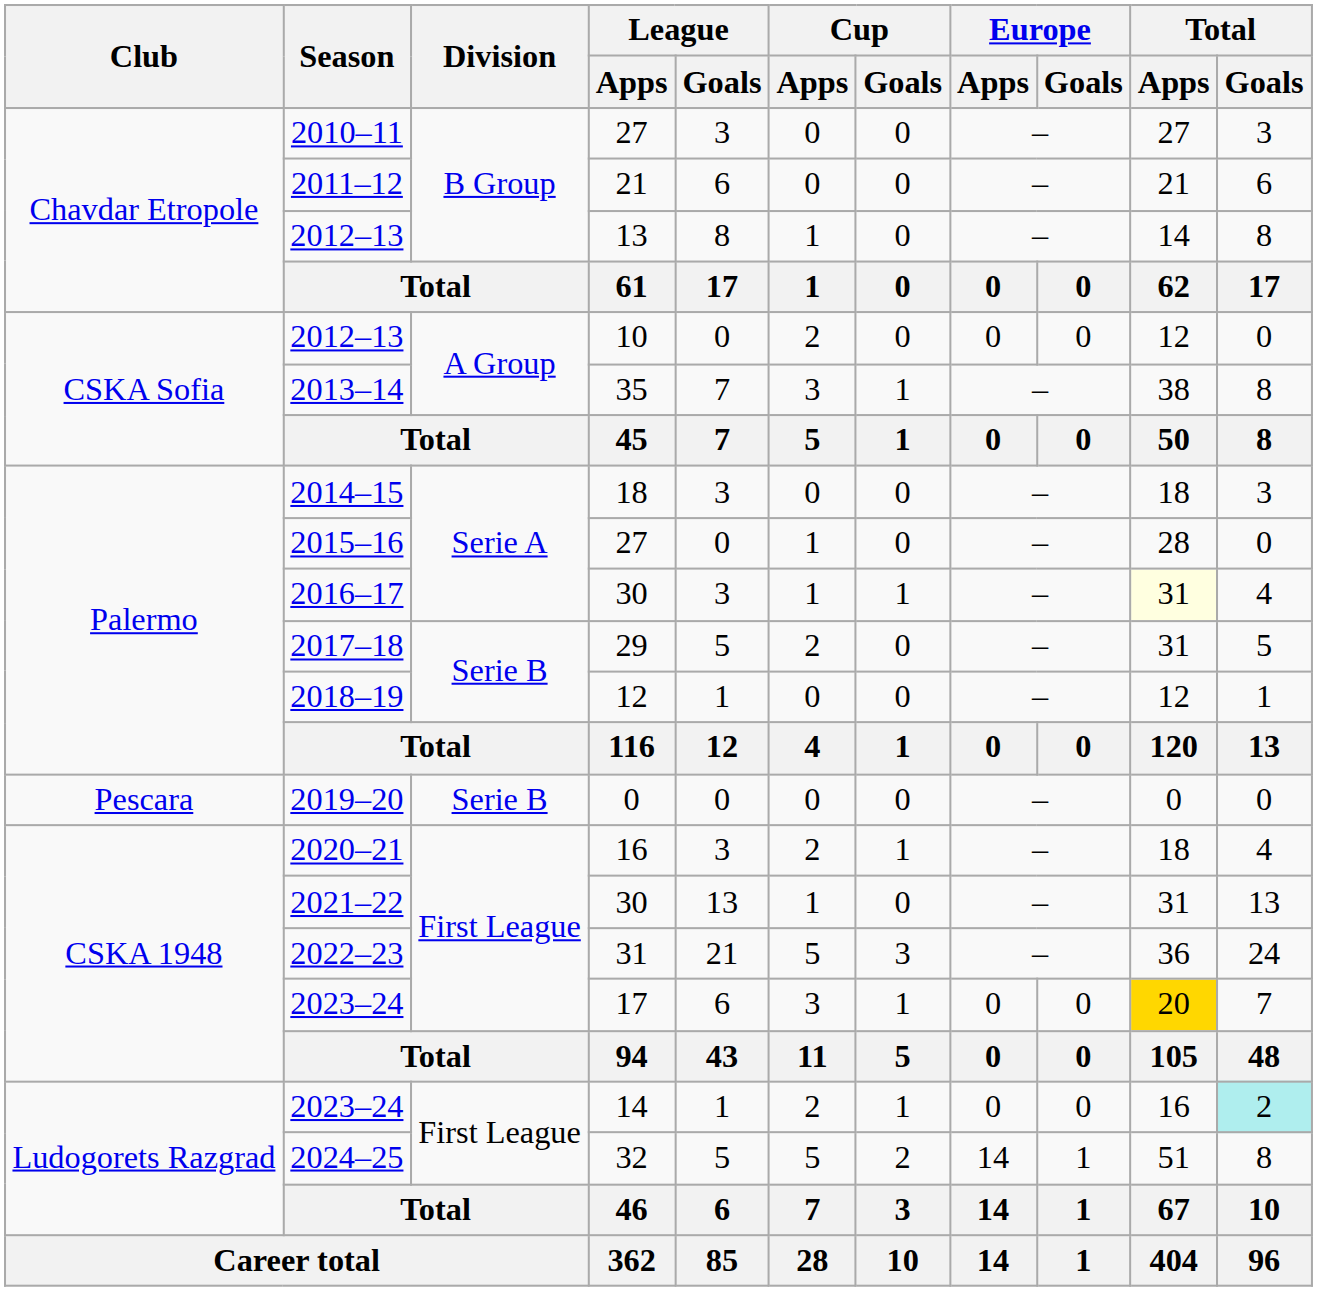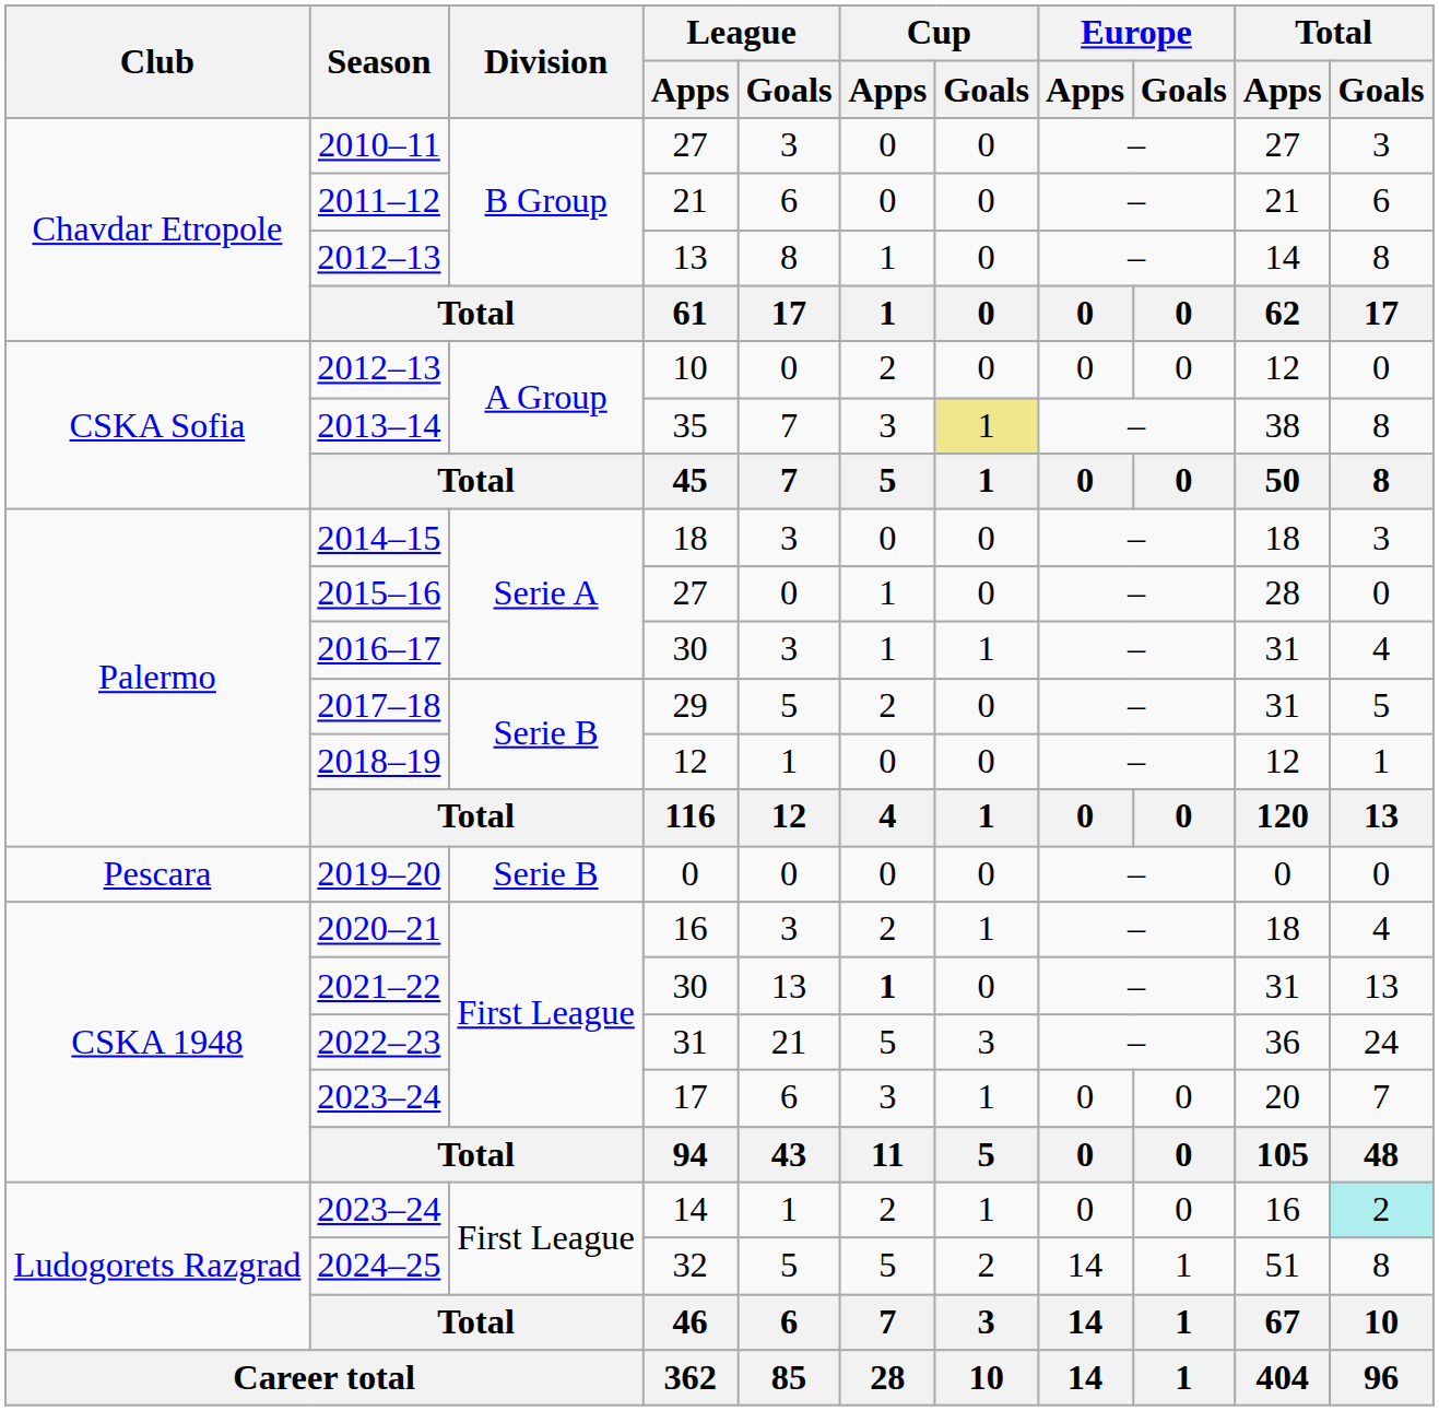 <table class="wikitable" style="font-size:100%; text-align: center">
 <tr>
 <th rowspan=2>Club</th>
 <th rowspan=2>Season</th>
 <th rowspan="2">Division</th>
 <th colspan=2>League</th>
 <th colspan=2>Cup</th>
 <th colspan=2><a href='#'>Europe</a></th>
 <th colspan=2>Total</th>
 </tr>
 <tr>
 <th>Apps</th>
 <th>Goals</th>
 <th>Apps</th>
 <th>Goals</th>
 <th>Apps</th>
 <th>Goals</th>
 <th>Apps</th>
 <th>Goals</th>
 </tr>
 <tr>
 <td rowspan=4><a href='#'>Chavdar Etropole</a></td>
 <td><a href='#'>2010–11</a></td>
 <td rowspan=3><a href='#'>B Group</a></td>
 <td>27</td>
 <td>3</td>
 <td>0</td>
 <td>0</td>
 <td colspan="2">–</td>
 <td>27</td>
 <td>3</td>
 </tr>
 <tr>
 <td><a href='#'>2011–12</a></td>
 <td>21</td>
 <td>6</td>
 <td>0</td>
 <td>0</td>
 <td colspan="2">–</td>
 <td>21</td>
 <td>6</td>
 </tr>
 <tr>
 <td><a href='#'>2012–13</a></td>
 <td>13</td>
 <td>8</td>
 <td>1</td>
 <td>0</td>
 <td colspan="2">–</td>
 <td>14</td>
 <td>8</td>
 </tr>
 <tr>
 <th colspan=2>Total</th>
 <th>61</th>
 <th>17</th>
 <th>1</th>
 <th>0</th>
 <th>0</th>
 <th>0</th>
 <th>62</th>
 <th>17</th>
 </tr>
 <tr>
 <td rowspan=3><a href='#'>CSKA Sofia</a></td>
 <td><a href='#'>2012–13</a></td>
 <td rowspan="2"><a href='#'>A Group</a></td>
 <td>10</td>
 <td>0</td>
 <td>2</td>
 <td>0</td>
 <td>0</td>
 <td>0</td>
 <td>12</td>
 <td>0</td>
 </tr>
 <tr>
 <td><a href='#'>2013–14</a></td>
 <td>35</td>
 <td>7</td>
 <td>3</td>
-<td>1</td>
+<td style="background: khaki;">1</td>
 <td colspan="2">–</td>
 <td>38</td>
 <td>8</td>
 </tr>
 <tr>
 <th colspan=2>Total</th>
 <th>45</th>
 <th>7</th>
 <th>5</th>
 <th>1</th>
 <th>0</th>
 <th>0</th>
 <th>50</th>
 <th>8</th>
 </tr>
 <tr>
 <td rowspan=6><a href='#'>Palermo</a></td>
 <td><a href='#'>2014–15</a></td>
 <td rowspan="3"><a href='#'>Serie A</a></td>
 <td>18</td>
 <td>3</td>
 <td>0</td>
 <td>0</td>
 <td colspan="2">–</td>
 <td>18</td>
 <td>3</td>
 </tr>
 <tr>
 <td><a href='#'>2015–16</a></td>
 <td>27</td>
 <td>0</td>
 <td>1</td>
 <td>0</td>
 <td colspan="2">–</td>
 <td>28</td>
 <td>0</td>
 </tr>
 <tr>
 <td><a href='#'>2016–17</a></td>
 <td>30</td>
 <td>3</td>
 <td>1</td>
 <td>1</td>
 <td colspan="2">–</td>
-<td style="background: lightyellow;">31</td>
+<td>31</td>
 <td>4</td>
 </tr>
 <tr>
 <td><a href='#'>2017–18</a></td>
 <td rowspan="2"><a href='#'>Serie B</a></td>
 <td>29</td>
 <td>5</td>
 <td>2</td>
 <td>0</td>
 <td colspan="2">–</td>
 <td>31</td>
 <td>5</td>
 </tr>
 <tr>
 <td><a href='#'>2018–19</a></td>
 <td>12</td>
 <td>1</td>
 <td>0</td>
 <td>0</td>
 <td colspan="2">–</td>
 <td>12</td>
 <td>1</td>
 </tr>
 <tr>
 <th colspan=2>Total</th>
 <th>116</th>
 <th>12</th>
 <th>4</th>
 <th>1</th>
 <th>0</th>
 <th>0</th>
 <th>120</th>
 <th>13</th>
 </tr>
 <tr>
 <td><a href='#'>Pescara</a></td>
 <td><a href='#'>2019–20</a></td>
 <td><a href='#'>Serie B</a></td>
 <td>0</td>
 <td>0</td>
 <td>0</td>
 <td>0</td>
 <td colspan="2">–</td>
 <td>0</td>
 <td>0</td>
 </tr>
 <tr>
 <td rowspan="5"><a href='#'>CSKA 1948</a></td>
 <td><a href='#'>2020–21</a></td>
 <td rowspan="4"><a href='#'>First League</a></td>
 <td>16</td>
 <td>3</td>
 <td>2</td>
 <td>1</td>
 <td colspan="2">–</td>
 <td>18</td>
 <td>4</td>
 </tr>
 <tr>
 <td><a href='#'>2021–22</a></td>
 <td>30</td>
 <td>13</td>
-<td>1</td>
+<td><strong>1</strong></td>
 <td>0</td>
 <td colspan="2">–</td>
 <td>31</td>
 <td>13</td>
 </tr>
 <tr>
 <td><a href='#'>2022–23</a></td>
 <td>31</td>
 <td>21</td>
 <td>5</td>
 <td>3</td>
 <td colspan="2">–</td>
 <td>36</td>
 <td>24</td>
 </tr>
 <tr>
 <td><a href='#'>2023–24</a></td>
 <td>17</td>
 <td>6</td>
 <td>3</td>
 <td>1</td>
 <td>0</td>
 <td>0</td>
-<td style="background: gold;">20</td>
+<td>20</td>
 <td>7</td>
 </tr>
 <tr>
 <th colspan=2>Total</th>
 <th>94</th>
 <th>43</th>
 <th>11</th>
 <th>5</th>
 <th>0</th>
 <th>0</th>
 <th>105</th>
 <th>48</th>
 </tr>
 <tr>
 <td rowspan="3"><a href='#'>Ludogorets Razgrad</a></td>
 <td><a href='#'>2023–24</a></td>
 <td rowspan="2">First League</td>
 <td>14</td>
 <td>1</td>
 <td>2</td>
 <td>1</td>
 <td>0</td>
 <td>0</td>
 <td>16</td>
 <td style="background: paleturquoise;">2</td>
 </tr>
 <tr>
 <td><a href='#'>2024–25</a></td>
 <td>32</td>
 <td>5</td>
 <td>5</td>
 <td>2</td>
 <td>14</td>
 <td>1</td>
 <td>51</td>
 <td>8</td>
 </tr>
 <tr>
 <th colspan=2>Total</th>
 <th>46</th>
 <th>6</th>
 <th>7</th>
 <th>3</th>
 <th>14</th>
 <th>1</th>
 <th>67</th>
 <th>10</th>
 </tr>
 <tr>
 <th colspan=3>Career total</th>
 <th>362</th>
 <th>85</th>
 <th>28</th>
 <th>10</th>
 <th>14</th>
 <th>1</th>
 <th>404</th>
 <th>96</th>
 </tr>
 </table>
